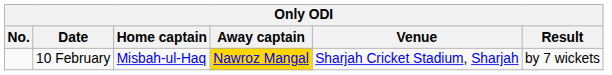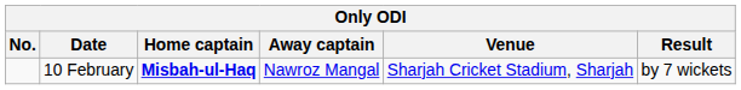 <table class="wikitable">
 <tr>
 <th colspan="6">Only ODI</th>
 </tr>
 <tr>
 <th>No.</th>
 <th>Date</th>
 <th>Home captain</th>
 <th>Away captain</th>
 <th>Venue</th>
 <th>Result</th>
 </tr>
 <tr>
 <td></td>
 <td>10 February</td>
-<td><a href='#'>Misbah-ul-Haq</a></td>
-<td style="background: gold;"><a href='#'>Nawroz Mangal</a></td>
+<td><strong><a href='#'>Misbah-ul-Haq</a></strong></td>
+<td><a href='#'>Nawroz Mangal</a></td>
 <td><a href='#'>Sharjah Cricket Stadium</a>, <a href='#'>Sharjah</a></td>
 <td> by 7 wickets</td>
 </tr>
 </table>
